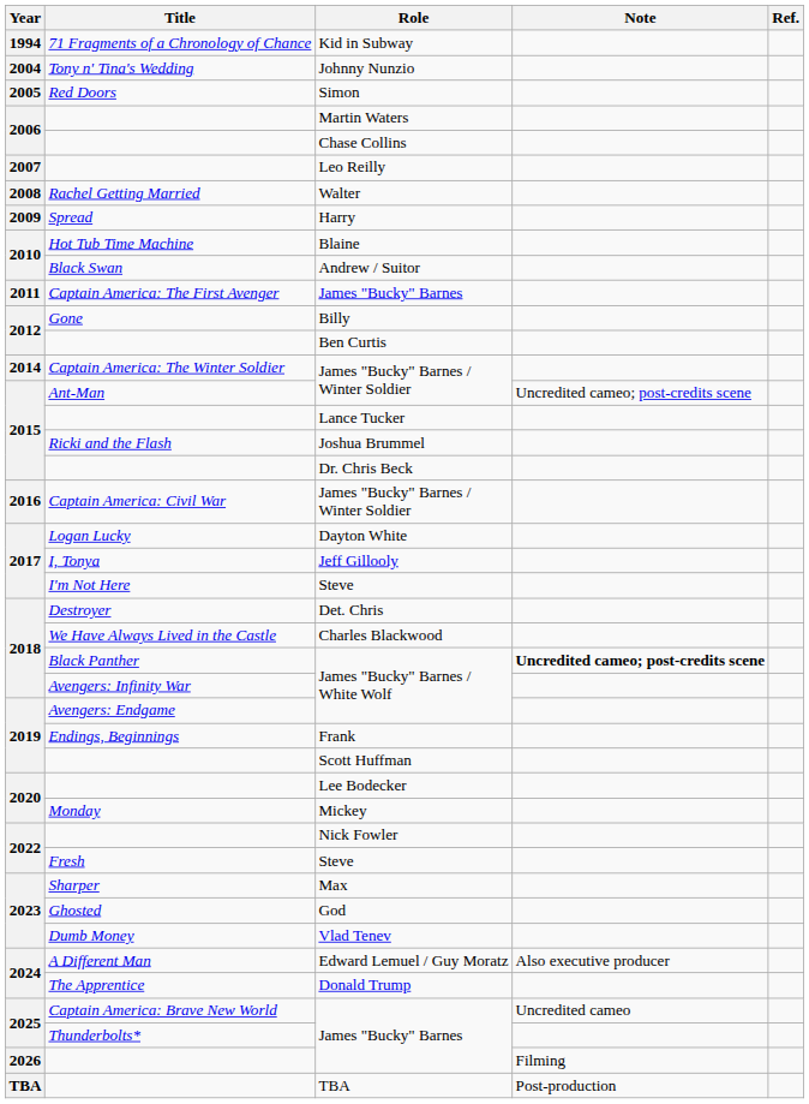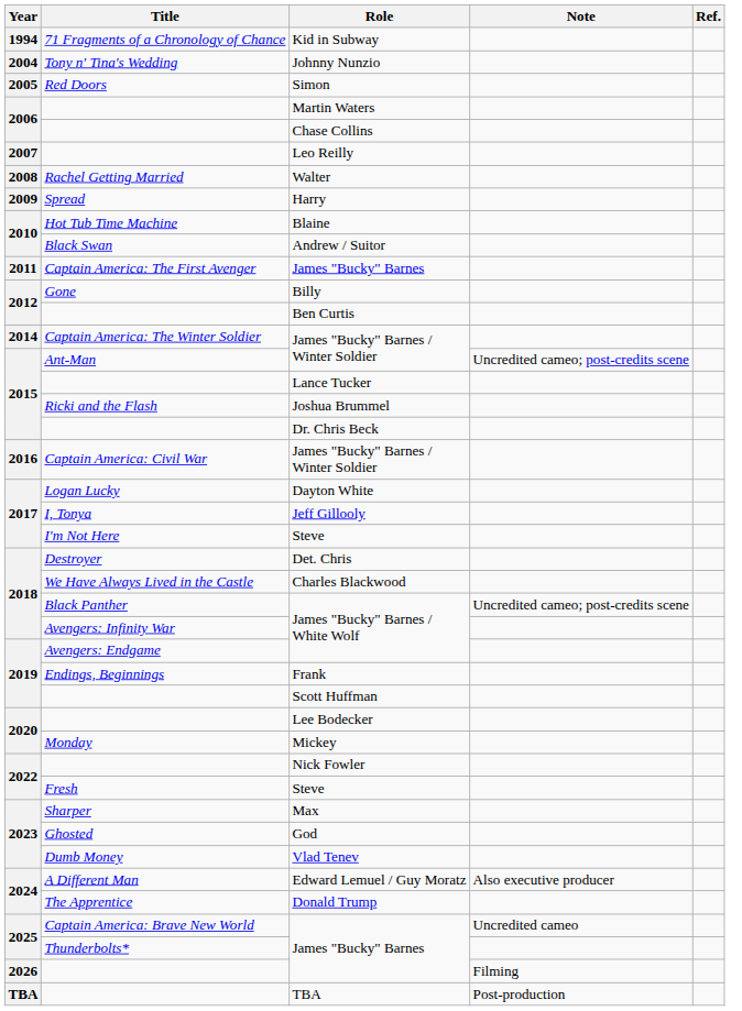 <table class="wikitable plainrowheaders sortable">
 <tr>
 <th scope="col">Year</th>
 <th scope="col">Title</th>
 <th scope="col">Role</th>
 <th>Note</th>
 <th scope="col" class="unsortable">Ref.</th>
 </tr>
 <tr>
 <th scope="row">1994</th>
 <td><em><a href='#'>71 Fragments of a Chronology of Chance</a></em></td>
 <td>Kid in Subway</td>
 <td></td>
 <td></td>
 </tr>
 <tr>
 <th scope="row">2004</th>
 <td><em><a href='#'>Tony n' Tina's Wedding</a></em></td>
 <td>Johnny Nunzio</td>
 <td></td>
 <td></td>
 </tr>
 <tr>
 <th scope="row">2005</th>
 <td><em><a href='#'>Red Doors</a></em></td>
 <td>Simon</td>
 <td></td>
 <td></td>
 </tr>
 <tr>
 <th rowspan=2 scope="row">2006</th>
 <td><em></em></td>
 <td>Martin Waters</td>
 <td></td>
 <td></td>
 </tr>
 <tr>
 <td><em></em></td>
 <td>Chase Collins</td>
 <td></td>
 <td></td>
 </tr>
 <tr>
 <th scope="row">2007</th>
 <td><em></em></td>
 <td>Leo Reilly</td>
 <td></td>
 <td></td>
 </tr>
 <tr>
 <th scope="row">2008</th>
 <td><em><a href='#'>Rachel Getting Married</a></em></td>
 <td>Walter</td>
 <td></td>
 <td></td>
 </tr>
 <tr>
 <th scope="row">2009</th>
 <td><em><a href='#'>Spread</a></em></td>
 <td>Harry</td>
 <td></td>
 <td></td>
 </tr>
 <tr>
 <th rowspan=2 scope="row">2010</th>
 <td><em><a href='#'>Hot Tub Time Machine</a></em></td>
 <td>Blaine</td>
 <td></td>
 <td></td>
 </tr>
 <tr>
 <td><em><a href='#'>Black Swan</a></em></td>
 <td>Andrew / Suitor</td>
 <td></td>
 <td></td>
 </tr>
 <tr>
 <th scope="row">2011</th>
 <td><em><a href='#'>Captain America: The First Avenger</a></em></td>
 <td><a href='#'>James "Bucky" Barnes</a></td>
 <td></td>
 <td></td>
 </tr>
 <tr>
 <th rowspan=2 scope="row">2012</th>
 <td><em><a href='#'>Gone</a></em></td>
 <td>Billy</td>
 <td></td>
 <td></td>
 </tr>
 <tr>
 <td><em></em></td>
 <td>Ben Curtis</td>
 <td></td>
 <td></td>
 </tr>
 <tr>
 <th scope="row">2014</th>
 <td><em><a href='#'>Captain America: The Winter Soldier</a></em></td>
 <td rowspan="2">James "Bucky" Barnes / <br>Winter Soldier</td>
 <td></td>
 <td></td>
 </tr>
 <tr>
 <th rowspan="4" scope="row">2015</th>
 <td><em><a href='#'>Ant-Man</a></em></td>
 <td>Uncredited cameo; <a href='#'>post-credits scene</a></td>
 <td></td>
 </tr>
 <tr>
 <td><em></em></td>
 <td>Lance Tucker</td>
 <td></td>
 <td></td>
 </tr>
 <tr>
 <td><em><a href='#'>Ricki and the Flash</a></em></td>
 <td>Joshua Brummel</td>
 <td></td>
 <td></td>
 </tr>
 <tr>
 <td><em></em></td>
 <td>Dr. Chris Beck</td>
 <td></td>
 <td></td>
 </tr>
 <tr>
 <th scope="row">2016</th>
 <td><em><a href='#'>Captain America: Civil War</a></em></td>
 <td>James "Bucky" Barnes / <br>Winter Soldier</td>
 <td></td>
 <td></td>
 </tr>
 <tr>
 <th rowspan=3 scope="row">2017</th>
 <td><em><a href='#'>Logan Lucky</a></em></td>
 <td>Dayton White</td>
 <td></td>
 <td></td>
 </tr>
 <tr>
 <td><em><a href='#'>I, Tonya</a></em></td>
 <td><a href='#'>Jeff Gillooly</a></td>
 <td></td>
 <td></td>
 </tr>
 <tr>
 <td><em><a href='#'>I'm Not Here</a></em></td>
 <td>Steve</td>
 <td></td>
 <td></td>
 </tr>
 <tr>
 <th rowspan="4" scope="row">2018</th>
 <td><em><a href='#'>Destroyer</a></em></td>
 <td>Det. Chris</td>
 <td></td>
 <td></td>
 </tr>
 <tr>
 <td><em><a href='#'>We Have Always Lived in the Castle</a></em></td>
 <td>Charles Blackwood</td>
 <td></td>
 <td></td>
 </tr>
 <tr>
 <td><em><a href='#'>Black Panther</a></em></td>
 <td rowspan="3">James "Bucky" Barnes / <br>White Wolf</td>
-<td><strong>Uncredited cameo; post-credits scene</strong></td>
+<td>Uncredited cameo; post-credits scene</td>
 <td></td>
 </tr>
 <tr>
 <td><em><a href='#'>Avengers: Infinity War</a></em></td>
 <td></td>
 <td></td>
 </tr>
 <tr>
 <th rowspan="3" scope="row">2019</th>
 <td><em><a href='#'>Avengers: Endgame</a></em></td>
 <td></td>
 <td></td>
 </tr>
 <tr>
 <td><em><a href='#'>Endings, Beginnings</a></em></td>
 <td>Frank</td>
 <td></td>
 <td></td>
 </tr>
 <tr>
 <td><em></em></td>
 <td>Scott Huffman</td>
 <td></td>
 <td></td>
 </tr>
 <tr>
 <th rowspan="2" scope="row">2020</th>
 <td><em></em></td>
 <td>Lee Bodecker</td>
 <td></td>
 <td></td>
 </tr>
 <tr>
 <td><em><a href='#'>Monday</a></em></td>
 <td>Mickey</td>
 <td></td>
 <td></td>
 </tr>
 <tr>
 <th rowspan="2" scope="row">2022</th>
 <td><em></em></td>
 <td>Nick Fowler</td>
 <td></td>
 <td></td>
 </tr>
 <tr>
 <td><em><a href='#'>Fresh</a></em></td>
 <td>Steve</td>
 <td></td>
 <td></td>
 </tr>
 <tr>
 <th rowspan="3" scope="row">2023</th>
 <td><em><a href='#'>Sharper</a></em></td>
 <td>Max</td>
 <td></td>
 <td></td>
 </tr>
 <tr>
 <td><em><a href='#'>Ghosted</a></em></td>
 <td>God</td>
 <td></td>
 <td></td>
 </tr>
 <tr>
 <td><em><a href='#'>Dumb Money</a></em></td>
 <td><a href='#'>Vlad Tenev</a></td>
 <td></td>
 <td></td>
 </tr>
 <tr>
 <th rowspan="2" scope="row">2024</th>
 <td><em><a href='#'>A Different Man</a></em></td>
 <td>Edward Lemuel / Guy Moratz</td>
 <td>Also executive producer</td>
 <td></td>
 </tr>
 <tr>
 <td><em><a href='#'>The Apprentice</a></em></td>
 <td><a href='#'>Donald Trump</a></td>
 <td></td>
 <td></td>
 </tr>
 <tr>
 <th rowspan="2" scope="row">2025</th>
 <td><em><a href='#'>Captain America: Brave New World</a></em></td>
 <td rowspan="3">James "Bucky" Barnes</td>
 <td>Uncredited cameo</td>
 <td></td>
 </tr>
 <tr>
 <td><em><a href='#'>Thunderbolts*</a></em></td>
 <td></td>
 <td></td>
 </tr>
 <tr>
 <th scope="row">2026</th>
 <td></td>
 <td>Filming</td>
 <td></td>
 </tr>
 <tr>
 <th scope="row">TBA</th>
 <td></td>
 <td>TBA</td>
 <td>Post-production</td>
 <td></td>
 </tr>
 </table>
